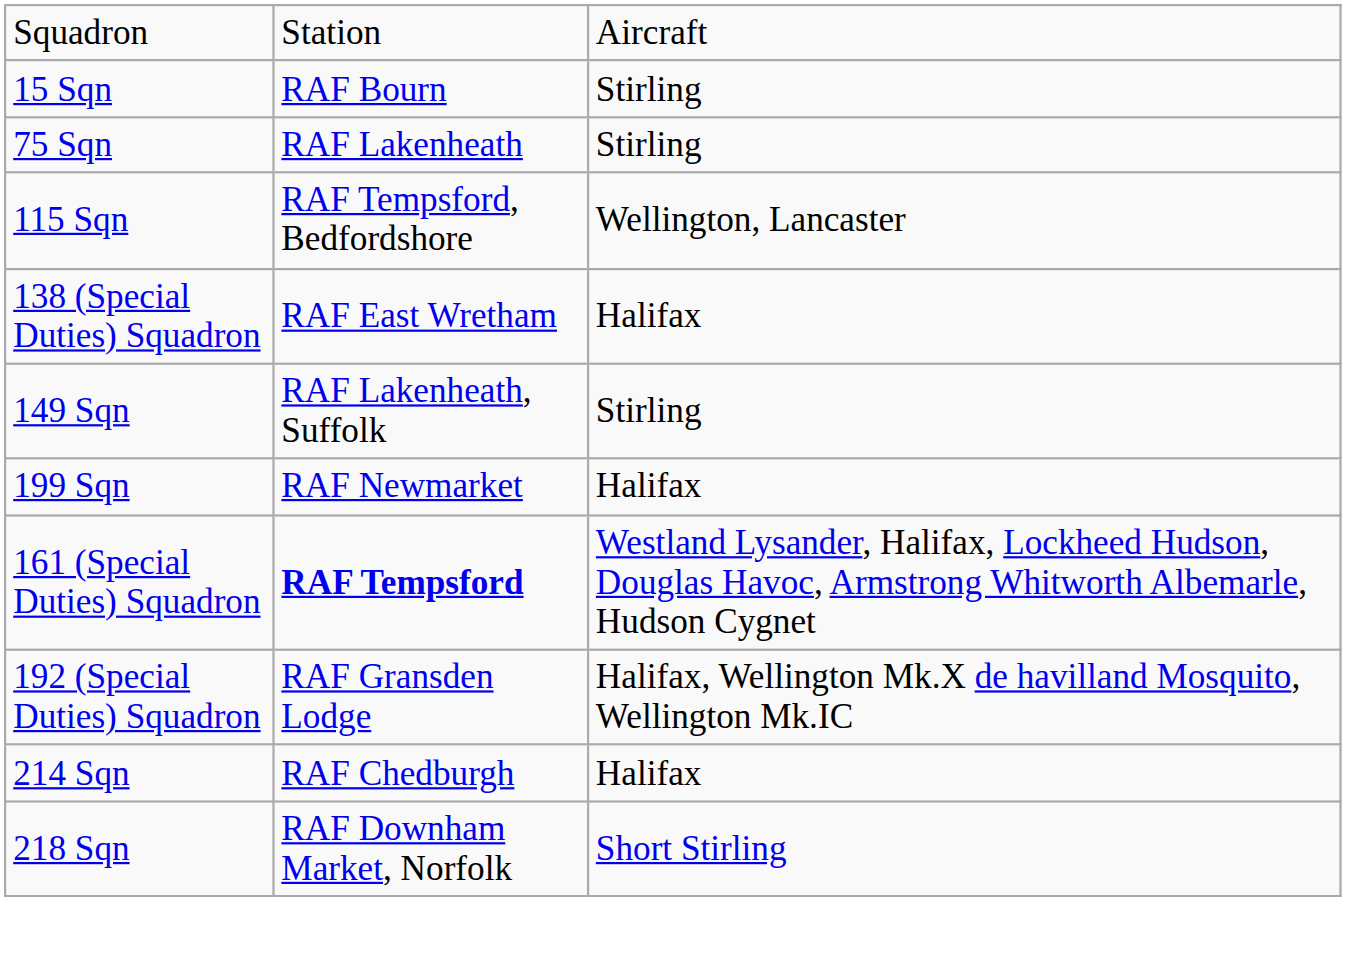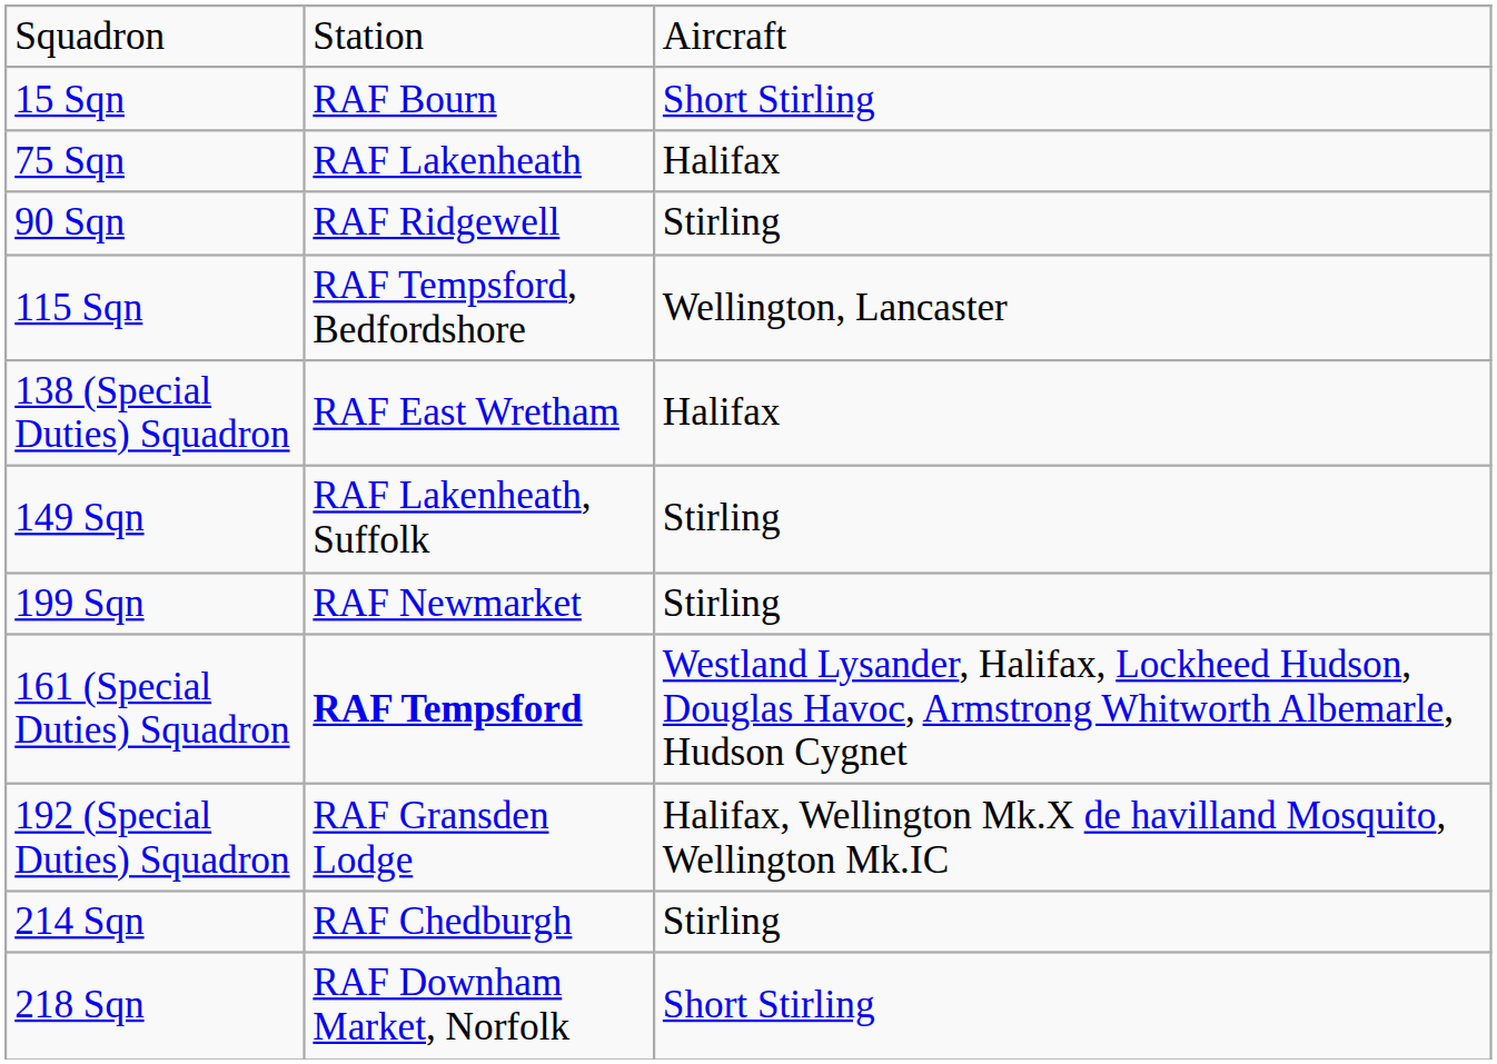 <table class="wikitable">
 <tr>
 <td>Squadron</td>
 <td>Station</td>
 <td>Aircraft</td>
 </tr>
 <tr>
 <td><a href='#'>15 Sqn</a></td>
 <td><a href='#'>RAF Bourn</a></td>
-<td>Stirling</td>
+<td><a href='#'>Short Stirling</a></td>
 </tr>
 <tr>
 <td><a href='#'>75 Sqn</a></td>
 <td><a href='#'>RAF Lakenheath</a></td>
+<td>Halifax</td>
+</tr>
+<tr>
+<td><a href='#'>90 Sqn</a></td>
+<td><a href='#'>RAF Ridgewell</a></td>
 <td>Stirling</td>
 </tr>
 <tr>
 <td><a href='#'>115 Sqn</a></td>
 <td><a href='#'>RAF Tempsford</a>, Bedfordshore</td>
 <td>Wellington, Lancaster</td>
 </tr>
 <tr>
 <td><a href='#'>138 (Special Duties) Squadron</a></td>
 <td><a href='#'>RAF East Wretham</a></td>
 <td>Halifax</td>
 </tr>
 <tr>
 <td><a href='#'>149 Sqn</a></td>
 <td><a href='#'>RAF Lakenheath</a>, Suffolk</td>
 <td>Stirling</td>
 </tr>
 <tr>
 <td><a href='#'>199 Sqn</a></td>
 <td><a href='#'>RAF Newmarket</a></td>
-<td>Halifax</td>
+<td>Stirling</td>
 </tr>
 <tr>
 <td><a href='#'>161 (Special Duties) Squadron</a></td>
 <td><strong><a href='#'>RAF Tempsford</a></strong></td>
 <td><a href='#'>Westland Lysander</a>, Halifax, <a href='#'>Lockheed Hudson</a>, <a href='#'>Douglas Havoc</a>, <a href='#'>Armstrong Whitworth Albemarle</a>, Hudson Cygnet</td>
 </tr>
 <tr>
 <td><a href='#'>192 (Special Duties) Squadron</a></td>
 <td><a href='#'>RAF Gransden Lodge</a></td>
 <td>Halifax, Wellington Mk.X  <a href='#'>de havilland Mosquito</a>, Wellington Mk.IC</td>
 </tr>
 <tr>
 <td><a href='#'>214 Sqn</a></td>
 <td><a href='#'>RAF Chedburgh</a></td>
-<td>Halifax</td>
+<td>Stirling</td>
 </tr>
 <tr>
 <td><a href='#'>218 Sqn</a></td>
 <td><a href='#'>RAF Downham Market</a>, Norfolk</td>
 <td><a href='#'>Short Stirling</a></td>
 </tr>
 </table>
